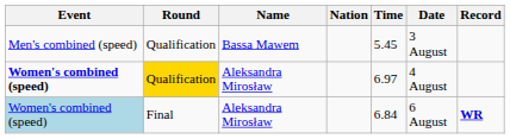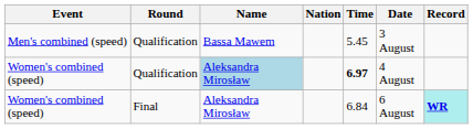 <table class="wikitable">
 <tr>
 <th>Event</th>
 <th>Round</th>
 <th>Name</th>
 <th>Nation</th>
 <th>Time</th>
 <th>Date</th>
 <th>Record</th>
 </tr>
 <tr>
 <td><a href='#'>Men's combined</a> (speed)</td>
 <td>Qualification</td>
 <td><a href='#'>Bassa Mawem</a></td>
 <td></td>
 <td>5.45</td>
 <td>3 August</td>
 <td></td>
 </tr>
 <tr>
-<td><strong><a href='#'>Women's combined</a> (speed)</strong></td>
-<td style="background: gold;">Qualification</td>
-<td><a href='#'>Aleksandra Mirosław</a></td>
+<td><a href='#'>Women's combined</a> (speed)</td>
+<td>Qualification</td>
+<td style="background: lightblue;"><a href='#'>Aleksandra Mirosław</a></td>
 <td></td>
-<td>6.97</td>
+<td><strong>6.97</strong></td>
 <td>4 August</td>
 <td></td>
 </tr>
 <tr>
-<td style="background: lightblue;"><a href='#'>Women's combined</a> (speed)</td>
+<td><a href='#'>Women's combined</a> (speed)</td>
 <td>Final</td>
 <td><a href='#'>Aleksandra Mirosław</a></td>
 <td></td>
 <td>6.84</td>
 <td>6 August</td>
-<td><strong><a href='#'>WR</a></strong></td>
+<td style="background: paleturquoise;"><strong><a href='#'>WR</a></strong></td>
 </tr>
 </table>
